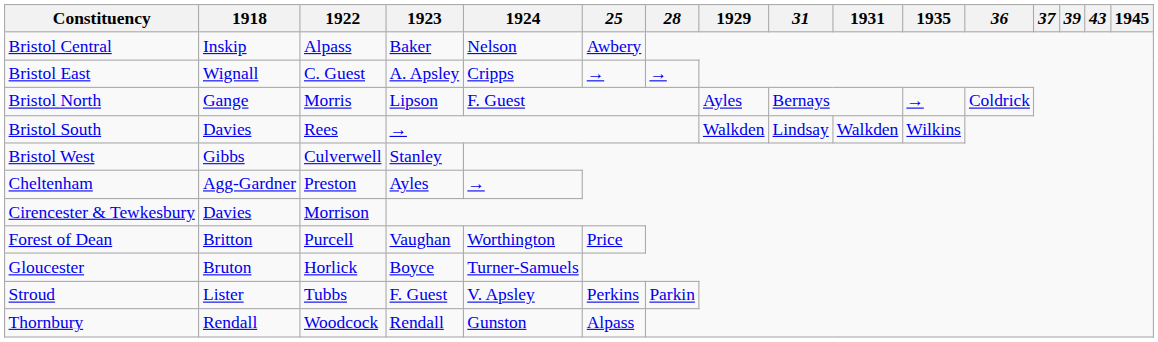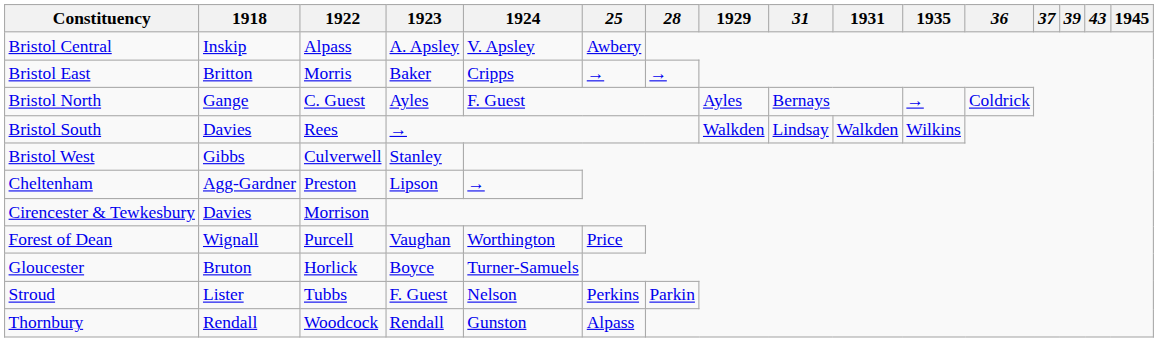 <table class="wikitable">
 <tr>
 <th>Constituency</th>
 <th>1918</th>
 <th>1922</th>
 <th>1923</th>
 <th>1924</th>
 <th><em>25</em></th>
 <th><em>28</em></th>
 <th>1929</th>
 <th><em>31</em></th>
 <th>1931</th>
 <th>1935</th>
 <th><em>36</em></th>
 <th><em>37</em></th>
 <th><em>39</em></th>
 <th><em>43</em></th>
 <th>1945</th>
 </tr>
 <tr>
 <td><a href='#'>Bristol Central</a></td>
 <td><a href='#'>Inskip</a></td>
 <td><a href='#'>Alpass</a></td>
-<td><a href='#'>Baker</a></td>
-<td><a href='#'>Nelson</a></td>
+<td><a href='#'>A. Apsley</a></td>
+<td><a href='#'>V. Apsley</a></td>
 <td><a href='#'>Awbery</a></td>
 </tr>
 <tr>
 <td><a href='#'>Bristol East</a></td>
-<td><a href='#'>Wignall</a></td>
-<td><a href='#'>C. Guest</a></td>
-<td><a href='#'>A. Apsley</a></td>
+<td><a href='#'>Britton</a></td>
+<td><a href='#'>Morris</a></td>
+<td><a href='#'>Baker</a></td>
 <td><a href='#'>Cripps</a></td>
 <td><a href='#'>→</a></td>
 <td><a href='#'>→</a></td>
 </tr>
 <tr>
 <td><a href='#'>Bristol North</a></td>
 <td><a href='#'>Gange</a></td>
-<td><a href='#'>Morris</a></td>
-<td><a href='#'>Lipson</a></td>
+<td><a href='#'>C. Guest</a></td>
+<td><a href='#'>Ayles</a></td>
 <td colspan="3"><a href='#'>F. Guest</a></td>
 <td><a href='#'>Ayles</a></td>
 <td colspan="2"><a href='#'>Bernays</a></td>
 <td><a href='#'>→</a></td>
 <td><a href='#'>Coldrick</a></td>
 </tr>
 <tr>
 <td><a href='#'>Bristol South</a></td>
 <td><a href='#'>Davies</a></td>
 <td><a href='#'>Rees</a></td>
 <td colspan="4"><a href='#'>→</a></td>
 <td><a href='#'>Walkden</a></td>
 <td><a href='#'>Lindsay</a></td>
 <td><a href='#'>Walkden</a></td>
 <td><a href='#'>Wilkins</a></td>
 </tr>
 <tr>
 <td><a href='#'>Bristol West</a></td>
 <td><a href='#'>Gibbs</a></td>
 <td><a href='#'>Culverwell</a></td>
 <td><a href='#'>Stanley</a></td>
 </tr>
 <tr>
 <td><a href='#'>Cheltenham</a></td>
 <td><a href='#'>Agg-Gardner</a></td>
 <td><a href='#'>Preston</a></td>
-<td><a href='#'>Ayles</a></td>
+<td><a href='#'>Lipson</a></td>
 <td><a href='#'>→</a></td>
 </tr>
 <tr>
 <td><a href='#'>Cirencester & Tewkesbury</a></td>
 <td><a href='#'>Davies</a></td>
 <td><a href='#'>Morrison</a></td>
 </tr>
 <tr>
 <td><a href='#'>Forest of Dean</a></td>
-<td><a href='#'>Britton</a></td>
+<td><a href='#'>Wignall</a></td>
 <td><a href='#'>Purcell</a></td>
 <td><a href='#'>Vaughan</a></td>
 <td><a href='#'>Worthington</a></td>
 <td><a href='#'>Price</a></td>
 </tr>
 <tr>
 <td><a href='#'>Gloucester</a></td>
 <td><a href='#'>Bruton</a></td>
 <td><a href='#'>Horlick</a></td>
 <td><a href='#'>Boyce</a></td>
 <td><a href='#'>Turner-Samuels</a></td>
 </tr>
 <tr>
 <td><a href='#'>Stroud</a></td>
 <td><a href='#'>Lister</a></td>
 <td><a href='#'>Tubbs</a></td>
 <td><a href='#'>F. Guest</a></td>
-<td><a href='#'>V. Apsley</a></td>
+<td><a href='#'>Nelson</a></td>
 <td><a href='#'>Perkins</a></td>
 <td><a href='#'>Parkin</a></td>
 </tr>
 <tr>
 <td><a href='#'>Thornbury</a></td>
 <td><a href='#'>Rendall</a></td>
 <td><a href='#'>Woodcock</a></td>
 <td><a href='#'>Rendall</a></td>
 <td><a href='#'>Gunston</a></td>
 <td><a href='#'>Alpass</a></td>
 </tr>
 </table>
